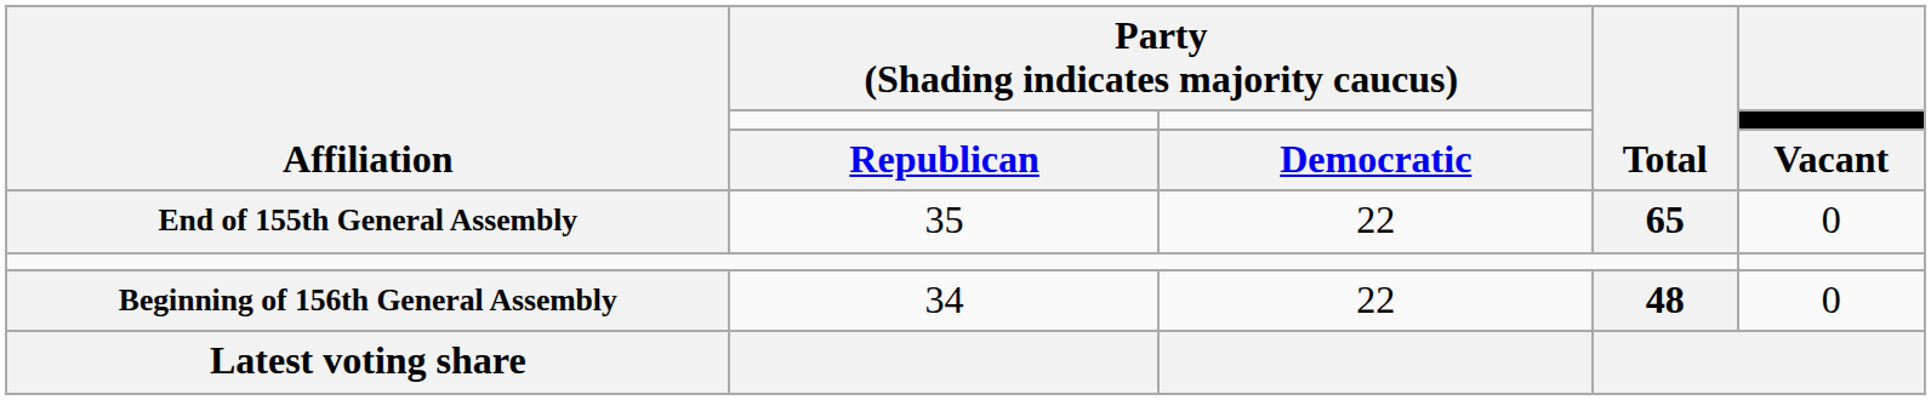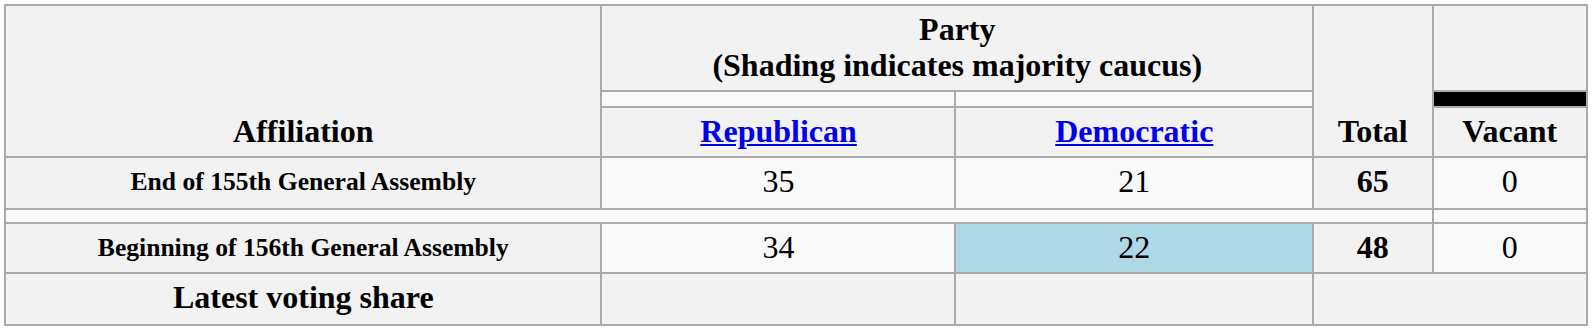 <table class=wikitable style="text-align:center; width:50%">
 <tr style="vertical-align:bottom;">
 <th rowspan=3>Affiliation</th>
 <th colspan=2>Party <div>(Shading indicates majority caucus)</div></th>
 <th rowspan=3>Total</th>
 <th></th>
 </tr>
 <tr style="height:5px">
 <td style="background-color:"></td>
 <td style="background-color:"></td>
 <td style="background: black"></td>
 </tr>
 <tr>
 <th><a href='#'>Republican</a></th>
 <th><a href='#'>Democratic</a></th>
 <th>Vacant</th>
 </tr>
 <tr>
 <th nowrap style="font-size:80%">End of 155th General Assembly</th>
 <td>35</td>
-<td>22</td>
+<td>21</td>
 <th>65</th>
 <td>0</td>
 </tr>
 <tr>
 <td colspan="4"></td>
 </tr>
 <tr>
 <th nowrap style="font-size:80%">Beginning of 156th General Assembly</th>
 <td>34</td>
-<td>22</td>
+<td style="background: lightblue;">22</td>
 <th>48</th>
 <td>0</td>
 </tr>
 <tr>
 <th>Latest voting share</th>
 <th></th>
 <th></th>
 <th colspan=2></th>
 </tr>
 </table>
